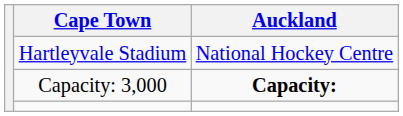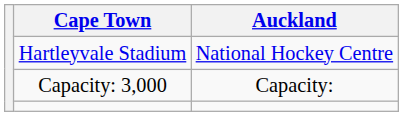 <table class="wikitable" style="text-align:center">
 <tr>
 <th rowspan="4"></th>
 <th><a href='#'>Cape Town</a></th>
 <th><a href='#'>Auckland</a></th>
 </tr>
 <tr>
 <td><a href='#'>Hartleyvale Stadium</a></td>
 <td><a href='#'>National Hockey Centre</a></td>
 </tr>
 <tr>
 <td>Capacity: 3,000</td>
-<td><strong>Capacity:</strong></td>
+<td>Capacity:</td>
 </tr>
 <tr>
 <td></td>
 <td></td>
 </tr>
 </table>
